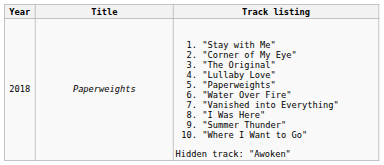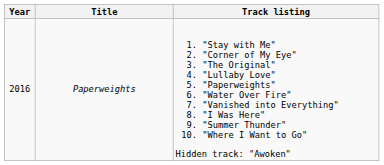 <table class="wikitable">
 <tr>
 <th width="40">Year</th>
 <th width="200">Title</th>
 <th width="300">Track listing</th>
 </tr>
 <tr>
-<td align="center">2018</td>
+<td align="center">2016</td>
 <td align="center"><em>Paperweights</em></td>
 <td><br><ol><li>"Stay with Me"</li><li>"Corner of My Eye"</li><li>"The Original"</li><li>"Lullaby Love"</li><li>"Paperweights"</li><li>"Water Over Fire"</li><li>"Vanished into Everything"</li><li>"I Was Here"</li><li>"Summer Thunder"</li><li>"Where I Want to Go"</li></ol>Hidden track: "Awoken"</td>
 </tr>
 </table>
